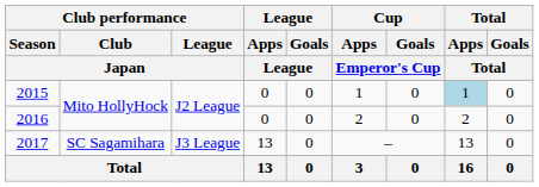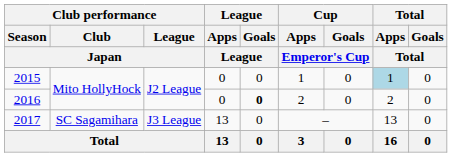 <table class="wikitable" style="text-align:center;">
 <tr>
 <th colspan=3>Club performance</th>
 <th colspan=2>League</th>
 <th colspan=2>Cup</th>
 <th colspan=2>Total</th>
 </tr>
 <tr>
 <th>Season</th>
 <th>Club</th>
 <th>League</th>
 <th>Apps</th>
 <th>Goals</th>
 <th>Apps</th>
 <th>Goals</th>
 <th>Apps</th>
 <th>Goals</th>
 </tr>
 <tr>
 <th colspan=3>Japan</th>
 <th colspan=2>League</th>
 <th colspan=2><a href='#'>Emperor's Cup</a></th>
 <th colspan=2>Total</th>
 </tr>
 <tr>
 <td><a href='#'>2015</a></td>
 <td rowspan="2"><a href='#'>Mito HollyHock</a></td>
 <td rowspan="2"><a href='#'>J2 League</a></td>
 <td>0</td>
 <td>0</td>
 <td>1</td>
 <td>0</td>
 <td style="background: lightblue;">1</td>
 <td>0</td>
 </tr>
 <tr>
 <td><a href='#'>2016</a></td>
 <td>0</td>
-<td>0</td>
+<td><strong>0</strong></td>
 <td>2</td>
 <td>0</td>
 <td>2</td>
 <td>0</td>
 </tr>
 <tr>
 <td><a href='#'>2017</a></td>
 <td rowspan="1"><a href='#'>SC Sagamihara</a></td>
 <td rowspan="1"><a href='#'>J3 League</a></td>
 <td>13</td>
 <td>0</td>
 <td colspan="2">–</td>
 <td>13</td>
 <td>0</td>
 </tr>
 <tr>
 <th colspan=3>Total</th>
 <th>13</th>
 <th>0</th>
 <th>3</th>
 <th>0</th>
 <th>16</th>
 <th>0</th>
 </tr>
 </table>
